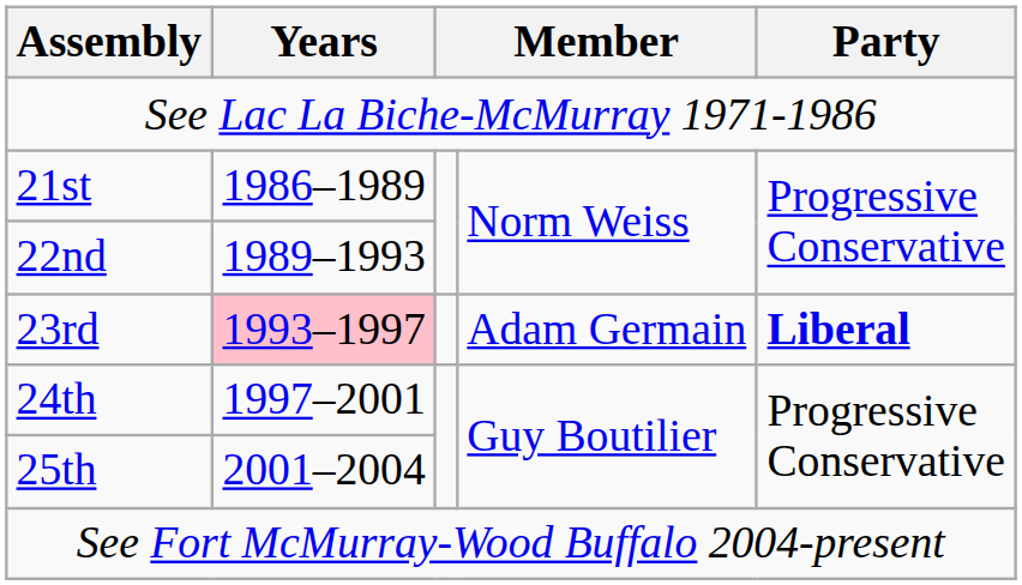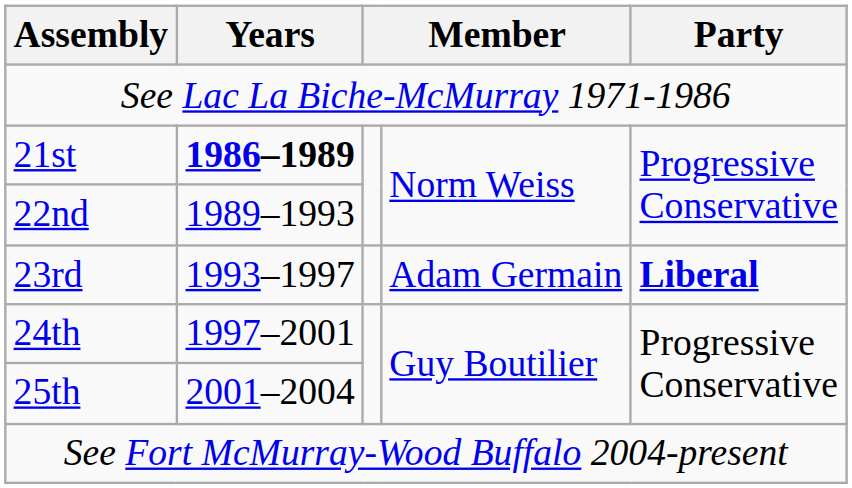 <table class=wikitable align=right>
 <tr>
 <th>Assembly</th>
 <th>Years</th>
 <th colspan="2">Member</th>
 <th>Party</th>
 </tr>
 <tr>
 <td align="center" colspan=5><em>See <a href='#'>Lac La Biche-McMurray</a> 1971-1986</em></td>
 </tr>
 <tr>
 <td><a href='#'>21st</a></td>
-<td><a href='#'>1986</a>–1989</td>
+<td><strong><a href='#'>1986</a>–1989</strong></td>
 <td rowspan=2 ></td>
 <td rowspan=2><a href='#'>Norm Weiss</a></td>
 <td rowspan=2><a href='#'>Progressive <br>Conservative</a></td>
 </tr>
 <tr>
 <td><a href='#'>22nd</a></td>
 <td><a href='#'>1989</a>–1993</td>
 </tr>
 <tr>
 <td><a href='#'>23rd</a></td>
-<td style="background: pink;"><a href='#'>1993</a>–1997</td>
+<td><a href='#'>1993</a>–1997</td>
 <td></td>
 <td><a href='#'>Adam Germain</a></td>
 <td><strong><a href='#'>Liberal</a></strong></td>
 </tr>
 <tr>
 <td><a href='#'>24th</a></td>
 <td><a href='#'>1997</a>–2001</td>
 <td rowspan=2 ></td>
 <td rowspan=2><a href='#'>Guy Boutilier</a></td>
 <td rowspan=2>Progressive <br>Conservative</td>
 </tr>
 <tr>
 <td><a href='#'>25th</a></td>
 <td><a href='#'>2001</a>–2004</td>
 </tr>
 <tr>
 <td align="center" colspan=5><em>See <a href='#'>Fort McMurray-Wood Buffalo</a> 2004-present</em></td>
 </tr>
 </table>
